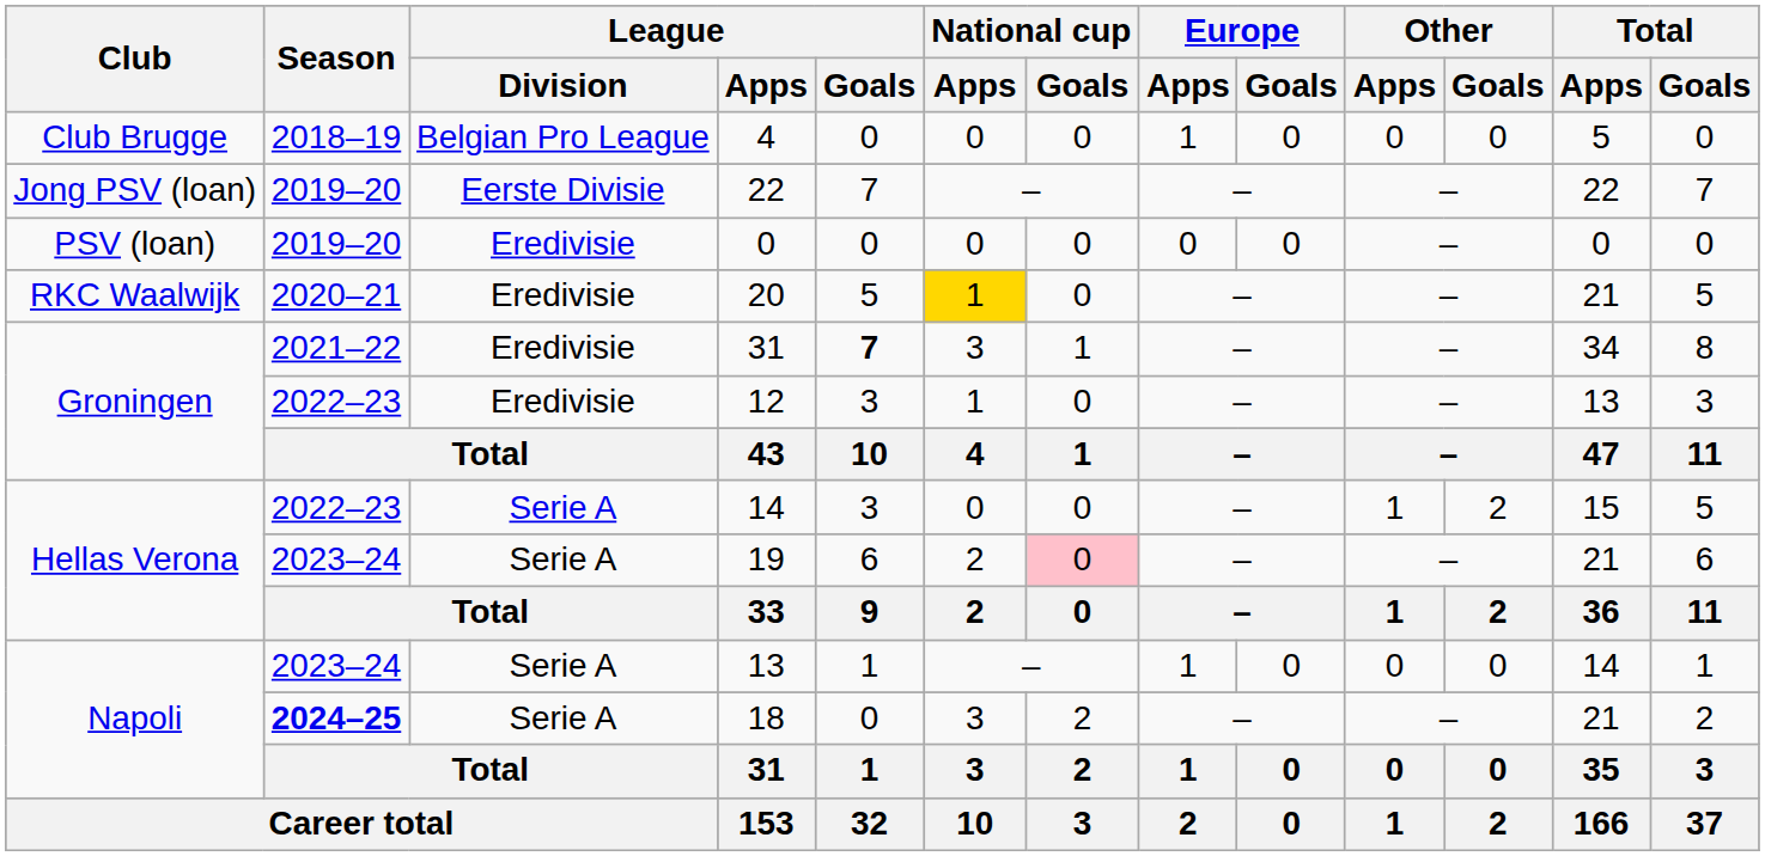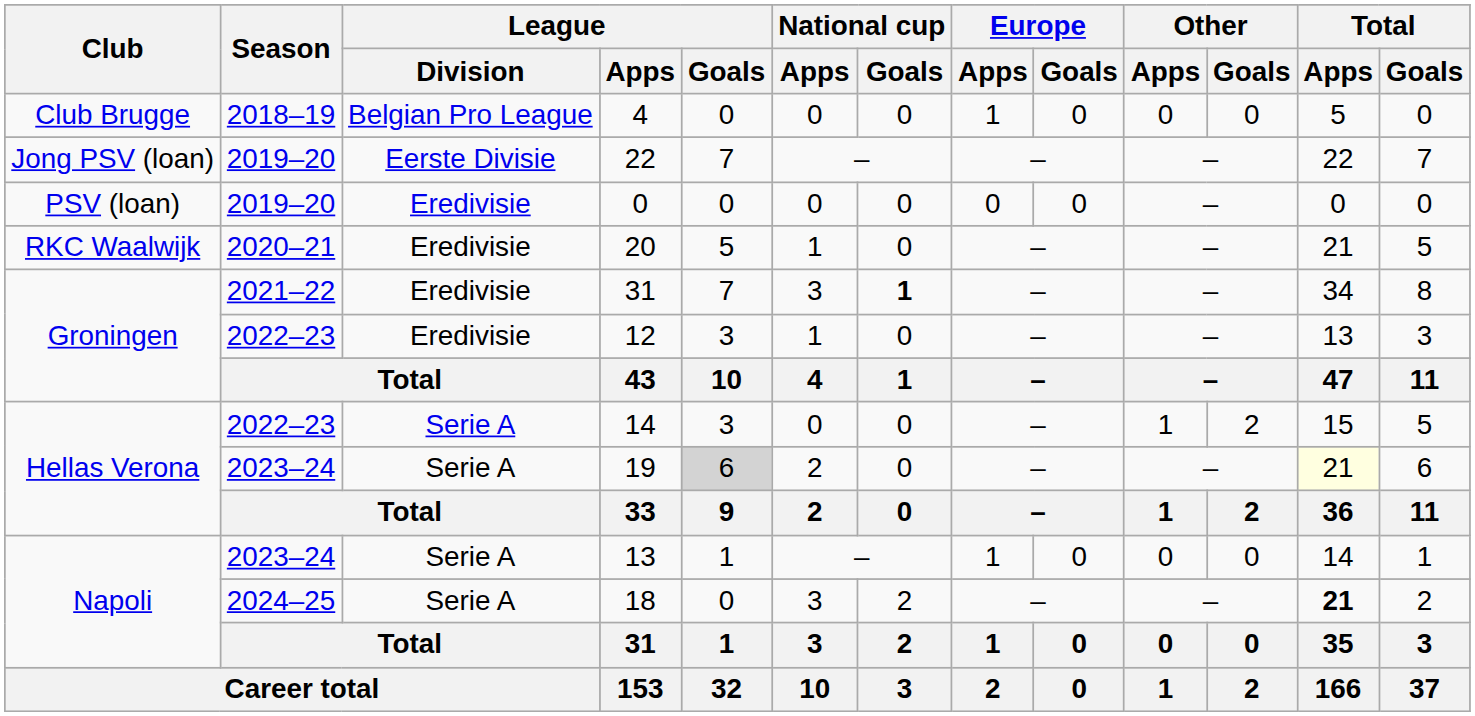 <table class="wikitable" style="text-align:center">
 <tr>
 <th rowspan="2">Club</th>
 <th rowspan="2">Season</th>
 <th colspan="3">League</th>
 <th colspan="2">National cup</th>
 <th colspan="2"><a href='#'>Europe</a></th>
 <th colspan="2">Other</th>
 <th colspan="2">Total</th>
 </tr>
 <tr>
 <th>Division</th>
 <th>Apps</th>
 <th>Goals</th>
 <th>Apps</th>
 <th>Goals</th>
 <th>Apps</th>
 <th>Goals</th>
 <th>Apps</th>
 <th>Goals</th>
 <th>Apps</th>
 <th>Goals</th>
 </tr>
 <tr>
 <td><a href='#'>Club Brugge</a></td>
 <td><a href='#'>2018–19</a></td>
 <td><a href='#'>Belgian Pro League</a></td>
 <td>4</td>
 <td>0</td>
 <td>0</td>
 <td>0</td>
 <td>1</td>
 <td>0</td>
 <td>0</td>
 <td>0</td>
 <td>5</td>
 <td>0</td>
 </tr>
 <tr>
 <td><a href='#'>Jong PSV</a> (loan)</td>
 <td><a href='#'>2019–20</a></td>
 <td><a href='#'>Eerste Divisie</a></td>
 <td>22</td>
 <td>7</td>
 <td colspan="2">–</td>
 <td colspan="2">–</td>
 <td colspan="2">–</td>
 <td>22</td>
 <td>7</td>
 </tr>
 <tr>
 <td><a href='#'>PSV</a> (loan)</td>
 <td><a href='#'>2019–20</a></td>
 <td><a href='#'>Eredivisie</a></td>
 <td>0</td>
 <td>0</td>
 <td>0</td>
 <td>0</td>
 <td>0</td>
 <td>0</td>
 <td colspan="2">–</td>
 <td>0</td>
 <td>0</td>
 </tr>
 <tr>
 <td><a href='#'>RKC Waalwijk</a></td>
 <td><a href='#'>2020–21</a></td>
 <td>Eredivisie</td>
 <td>20</td>
 <td>5</td>
-<td style="background: gold;">1</td>
+<td>1</td>
 <td>0</td>
 <td colspan="2">–</td>
 <td colspan="2">–</td>
 <td>21</td>
 <td>5</td>
 </tr>
 <tr>
 <td rowspan="3"><a href='#'>Groningen</a></td>
 <td><a href='#'>2021–22</a></td>
 <td>Eredivisie</td>
 <td>31</td>
-<td><strong>7</strong></td>
+<td>7</td>
 <td>3</td>
-<td>1</td>
+<td><strong>1</strong></td>
 <td colspan="2">–</td>
 <td colspan="2">–</td>
 <td>34</td>
 <td>8</td>
 </tr>
 <tr>
 <td><a href='#'>2022–23</a></td>
 <td>Eredivisie</td>
 <td>12</td>
 <td>3</td>
 <td>1</td>
 <td>0</td>
 <td colspan="2">–</td>
 <td colspan="2">–</td>
 <td>13</td>
 <td>3</td>
 </tr>
 <tr>
 <th colspan="2">Total</th>
 <th>43</th>
 <th>10</th>
 <th>4</th>
 <th>1</th>
 <th colspan="2">–</th>
 <th colspan="2">–</th>
 <th>47</th>
 <th>11</th>
 </tr>
 <tr>
 <td rowspan="3"><a href='#'>Hellas Verona</a></td>
 <td><a href='#'>2022–23</a></td>
 <td><a href='#'>Serie A</a></td>
 <td>14</td>
 <td>3</td>
 <td>0</td>
 <td>0</td>
 <td colspan="2">–</td>
 <td>1</td>
 <td>2</td>
 <td>15</td>
 <td>5</td>
 </tr>
 <tr>
 <td><a href='#'>2023–24</a></td>
 <td>Serie A</td>
 <td>19</td>
-<td>6</td>
+<td style="background: lightgrey;">6</td>
 <td>2</td>
-<td style="background: pink;">0</td>
+<td>0</td>
 <td colspan="2">–</td>
 <td colspan="2">–</td>
-<td>21</td>
+<td style="background: lightyellow;">21</td>
 <td>6</td>
 </tr>
 <tr>
 <th colspan="2">Total</th>
 <th>33</th>
 <th>9</th>
 <th>2</th>
 <th>0</th>
 <th colspan="2">–</th>
 <th>1</th>
 <th>2</th>
 <th>36</th>
 <th>11</th>
 </tr>
 <tr>
 <td rowspan="3"><a href='#'>Napoli</a></td>
 <td><a href='#'>2023–24</a></td>
 <td>Serie A</td>
 <td>13</td>
 <td>1</td>
 <td colspan="2">–</td>
 <td>1</td>
 <td>0</td>
 <td>0</td>
 <td>0</td>
 <td>14</td>
 <td>1</td>
 </tr>
 <tr>
-<td><strong><a href='#'>2024–25</a></strong></td>
+<td><a href='#'>2024–25</a></td>
 <td>Serie A</td>
 <td>18</td>
 <td>0</td>
 <td>3</td>
 <td>2</td>
 <td colspan="2">–</td>
 <td colspan="2">–</td>
-<td>21</td>
+<td><strong>21</strong></td>
 <td>2</td>
 </tr>
 <tr>
 <th colspan="2">Total</th>
 <th>31</th>
 <th>1</th>
 <th>3</th>
 <th>2</th>
 <th>1</th>
 <th>0</th>
 <th>0</th>
 <th>0</th>
 <th>35</th>
 <th>3</th>
 </tr>
 <tr>
 <th colspan="3">Career total</th>
 <th>153</th>
 <th>32</th>
 <th>10</th>
 <th>3</th>
 <th>2</th>
 <th>0</th>
 <th>1</th>
 <th>2</th>
 <th>166</th>
 <th>37</th>
 </tr>
 </table>
